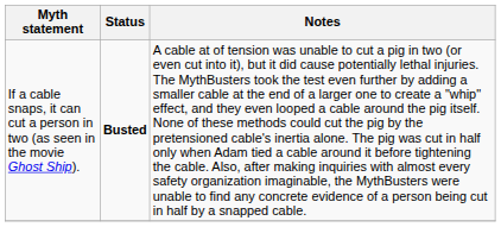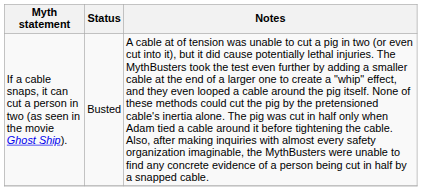 <table class="wikitable plainrowheaders">
 <tr>
 <th>Myth statement</th>
 <th>Status</th>
 <th>Notes</th>
 </tr>
 <tr>
 <td>If a cable snaps, it can cut a person in two (as seen in the movie <em><a href='#'>Ghost Ship</a></em>).</td>
-<td><strong><span>Busted</span></strong></td>
+<td><span>Busted</span></td>
 <td>A  cable at  of tension was unable to cut a pig in two (or even cut into it), but it did cause potentially lethal injuries. The MythBusters took the test even further by adding a smaller cable at the end of a larger one to create a "whip" effect, and they even looped a cable around the pig itself. None of these methods could cut the pig by the pretensioned cable's inertia alone. The pig was cut in half only when Adam tied a cable around it before tightening the cable. Also, after making inquiries with almost every safety organization imaginable, the MythBusters were unable to find any concrete evidence of a person being cut in half by a snapped cable.</td>
 </tr>
 <tr>
 </tr>
 </table>
